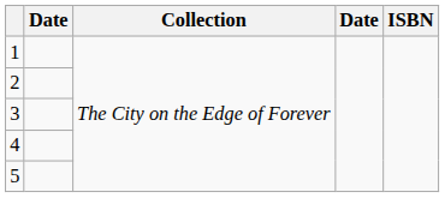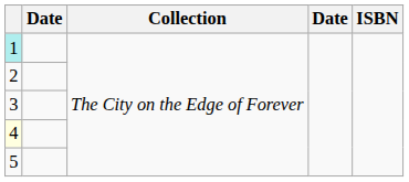 <table class="wikitable">
 <tr>
 <th></th>
 <th>Date</th>
 <th>Collection</th>
 <th>Date</th>
 <th>ISBN</th>
 </tr>
 <tr>
-<td>1</td>
+<td style="background: paleturquoise;">1</td>
 <td></td>
 <td rowspan="5"><em>The City on the Edge of Forever</em></td>
 <td rowspan="5"></td>
 <td rowspan="5"></td>
 </tr>
 <tr>
 <td>2</td>
 <td></td>
 </tr>
 <tr>
 <td>3</td>
 <td></td>
 </tr>
 <tr>
-<td>4</td>
+<td style="background: lightyellow;">4</td>
 <td></td>
 </tr>
 <tr>
 <td>5</td>
 <td></td>
 </tr>
 </table>
